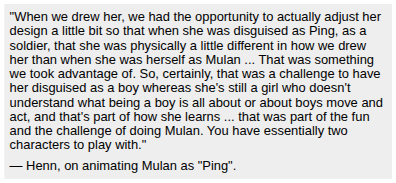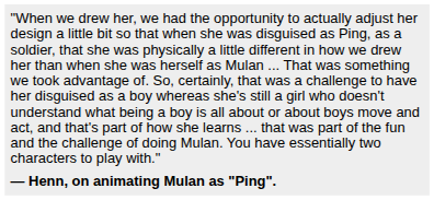 <table class="toccolours" style="float:left; margin-left:1em; margin-right:2em; font-size:85%; background:#eee; color:black; width:30em; max-width:40%;" cellspacing="5">
 <tr>
 <td style="text-align: left;">"When we drew her, we had the opportunity to actually adjust her design a little bit so that when she was disguised as Ping, as a soldier, that she was physically a little different in how we drew her than when she was herself as Mulan ... That was something we took advantage of. So, certainly, that was a challenge to have her disguised as a boy whereas she's still a girl who doesn't understand what being a boy is all about or about boys move and act, and that's part of how she learns ... that was part of the fun and the challenge of doing Mulan. You have essentially two characters to play with."</td>
 </tr>
 <tr>
-<td style="text-align: left;">— Henn, on animating Mulan as "Ping".</td>
+<td style="text-align: left;"><strong>— Henn, on animating Mulan as "Ping".</strong></td>
 </tr>
 </table>
